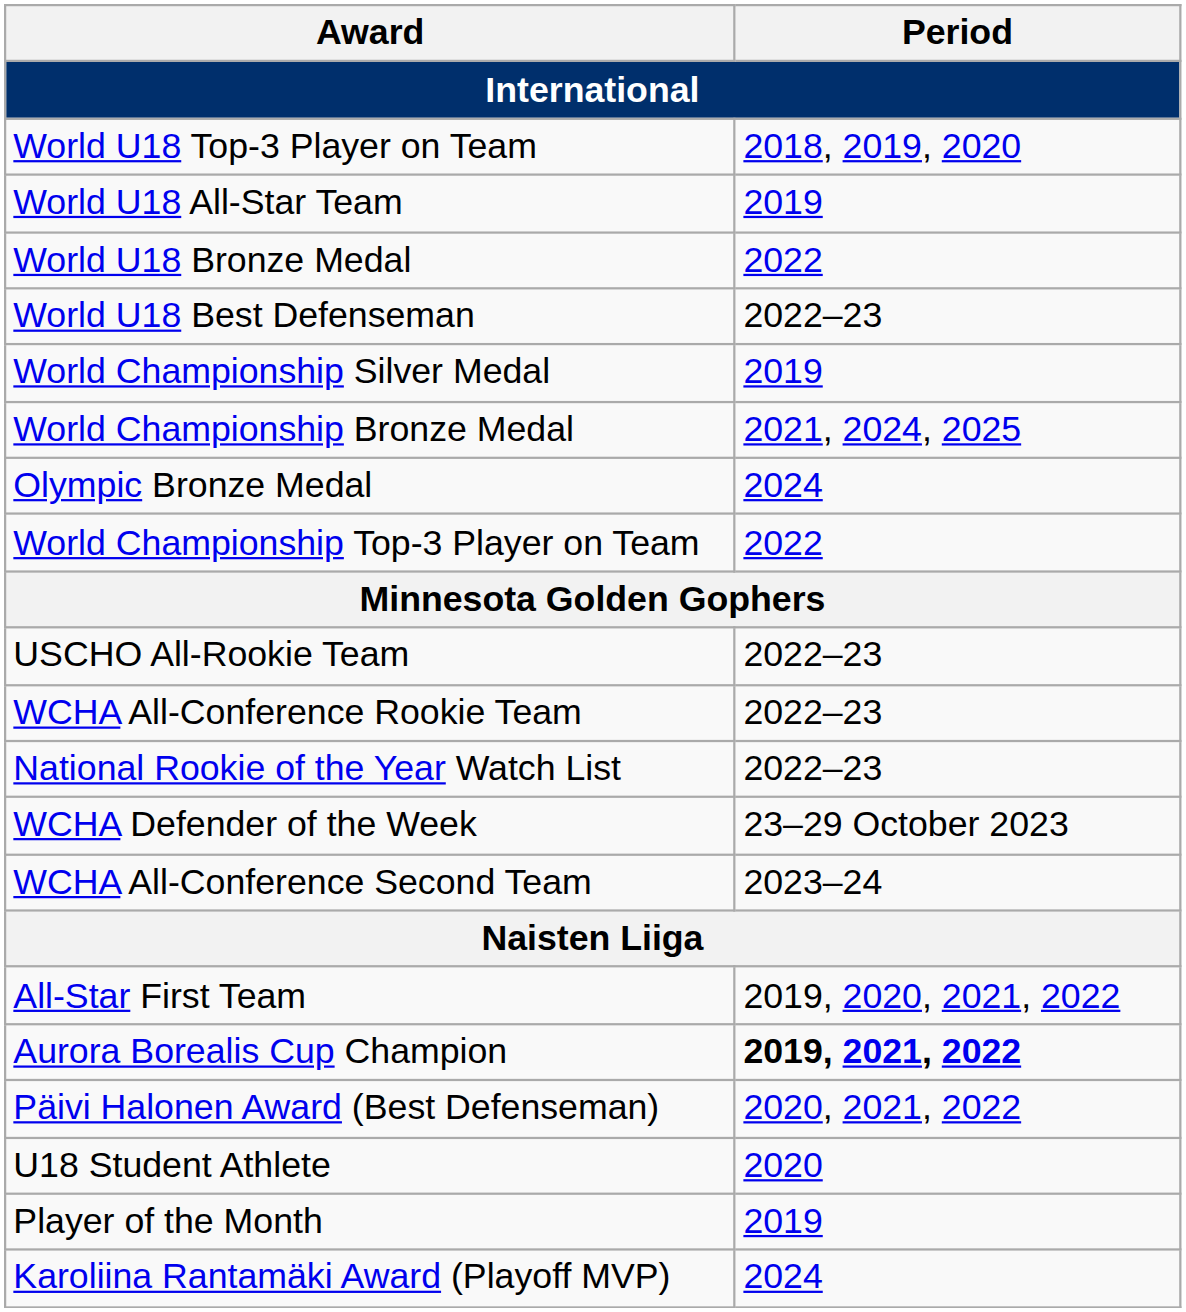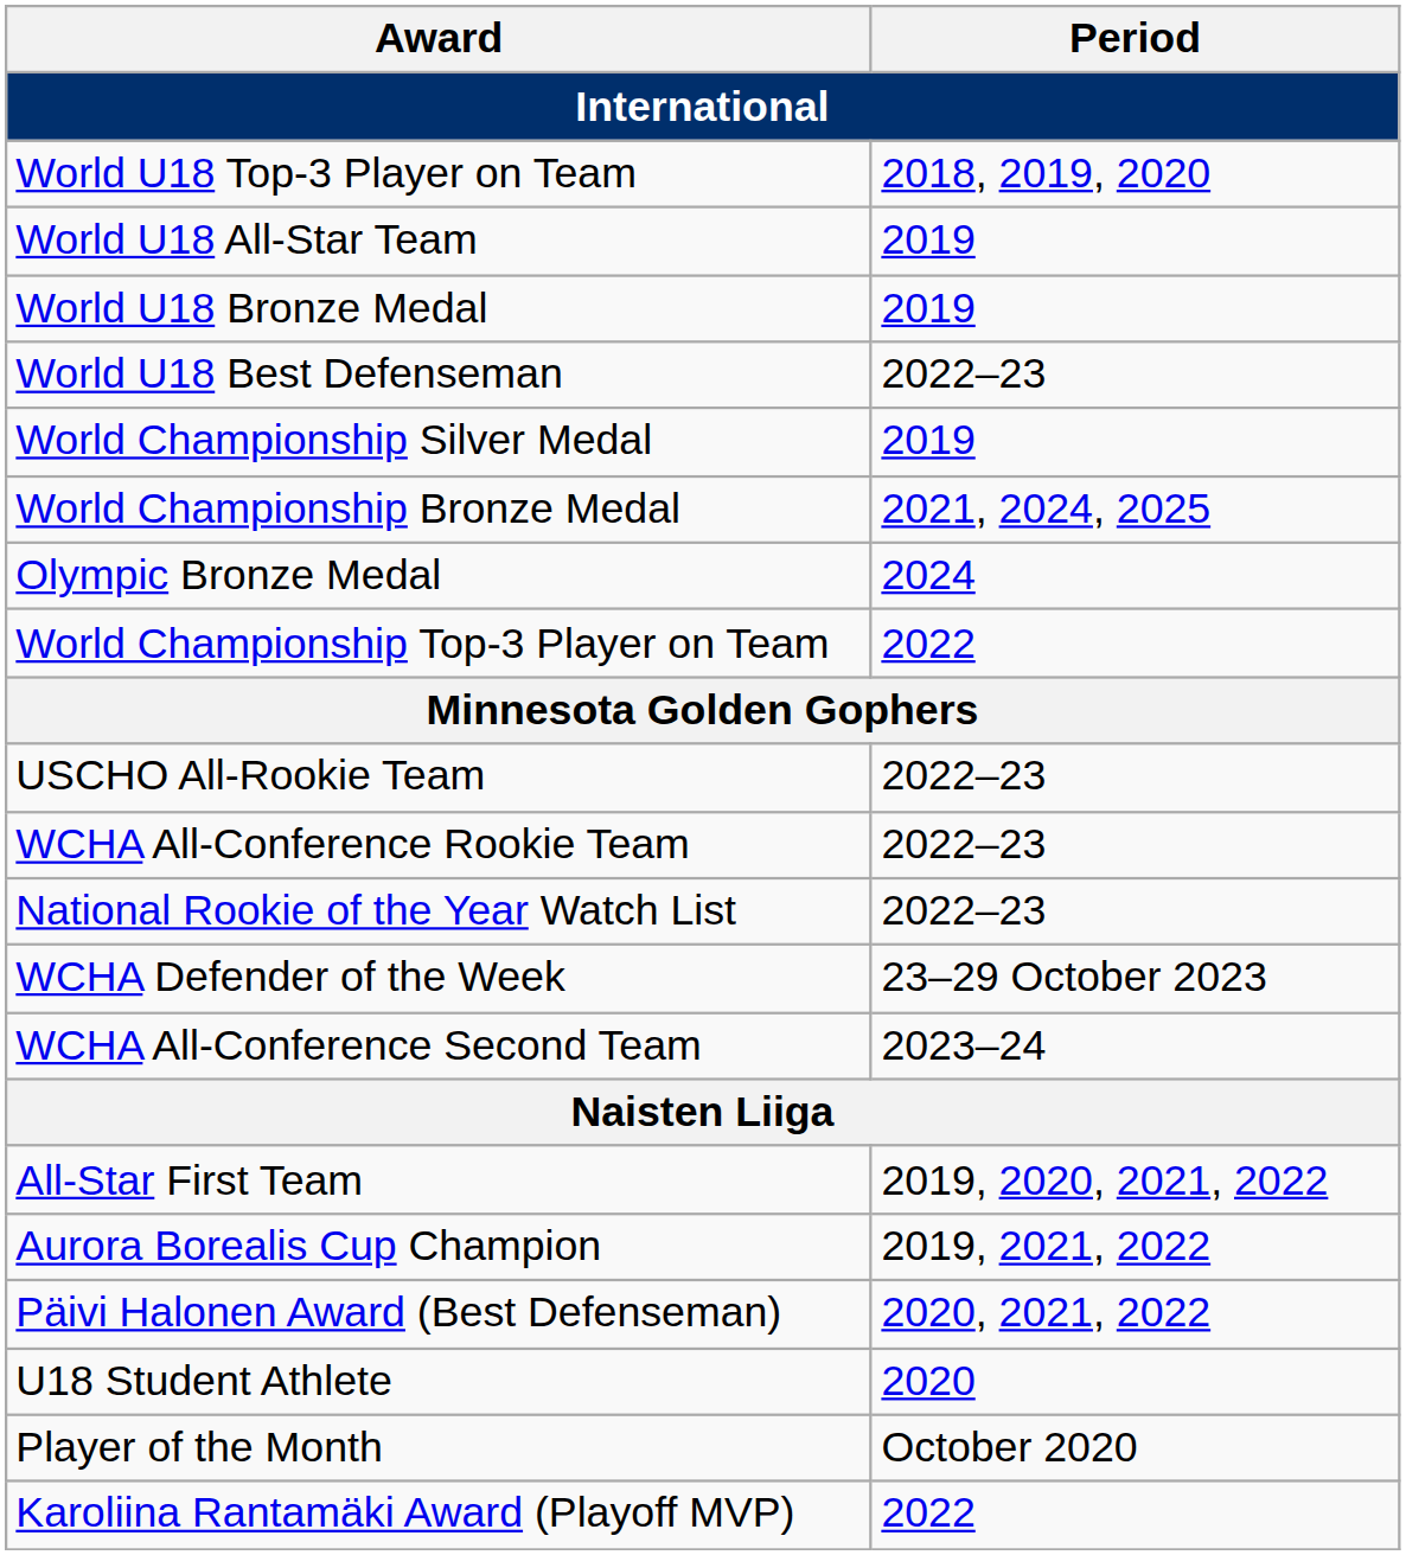 <table class="wikitable">
 <tr>
 <th scope="col" style="width:20em">Award</th>
 <th scope="col" style="width:12em">Period</th>
 </tr>
 <tr>
 <th colspan="2" style="text-align:center; color:white; background:#002f6c">International</th>
 </tr>
 <tr>
 <td><a href='#'>World U18</a> Top-3 Player on Team</td>
 <td><a href='#'>2018</a>, <a href='#'>2019</a>, <a href='#'>2020</a></td>
 </tr>
 <tr>
 <td><a href='#'>World U18</a> All-Star Team</td>
 <td><a href='#'>2019</a></td>
 </tr>
 <tr>
 <td><a href='#'>World U18</a> Bronze Medal</td>
-<td><a href='#'>2022</a></td>
+<td><a href='#'>2019</a></td>
 </tr>
 <tr>
 <td><a href='#'>World U18</a> Best Defenseman</td>
 <td>2022–23</td>
 </tr>
 <tr>
 <td><a href='#'>World Championship</a> Silver Medal</td>
 <td><a href='#'>2019</a></td>
 </tr>
 <tr>
 <td><a href='#'>World Championship</a> Bronze Medal</td>
 <td><a href='#'>2021</a>, <a href='#'>2024</a>, <a href='#'>2025</a></td>
 </tr>
 <tr>
 <td><a href='#'>Olympic</a> Bronze Medal</td>
 <td><a href='#'>2024</a></td>
 </tr>
 <tr>
 <td><a href='#'>World Championship</a> Top-3 Player on Team</td>
 <td><a href='#'>2022</a></td>
 </tr>
 <tr>
 <th colspan="2">Minnesota Golden Gophers</th>
 </tr>
 <tr>
 <td>USCHO All-Rookie Team</td>
 <td>2022–23</td>
 </tr>
 <tr>
 <td><a href='#'>WCHA</a> All-Conference Rookie Team</td>
 <td>2022–23</td>
 </tr>
 <tr>
 <td><a href='#'>National Rookie of the Year</a> Watch List</td>
 <td>2022–23</td>
 </tr>
 <tr>
 <td><a href='#'>WCHA</a> Defender of the Week</td>
 <td>23–29 October 2023</td>
 </tr>
 <tr>
 <td><a href='#'>WCHA</a> All-Conference Second Team</td>
 <td>2023–24</td>
 </tr>
 <tr>
 <th colspan="2">Naisten Liiga</th>
 </tr>
 <tr>
 <td><a href='#'>All-Star</a> First Team</td>
 <td>2019, <a href='#'>2020</a>, <a href='#'>2021</a>, <a href='#'>2022</a></td>
 </tr>
 <tr>
 <td><a href='#'>Aurora Borealis Cup</a> Champion</td>
-<td><strong>2019, <a href='#'>2021</a>, <a href='#'>2022</a></strong></td>
+<td>2019, <a href='#'>2021</a>, <a href='#'>2022</a></td>
 </tr>
 <tr>
 <td><a href='#'>Päivi Halonen Award</a> (Best Defenseman)</td>
 <td><a href='#'>2020</a>, <a href='#'>2021</a>, <a href='#'>2022</a></td>
 </tr>
 <tr>
 <td>U18 Student Athlete</td>
 <td><a href='#'>2020</a></td>
 </tr>
 <tr>
 <td>Player of the Month</td>
-<td><a href='#'>2019</a></td>
+<td>October 2020</td>
 </tr>
 <tr>
 <td><a href='#'>Karoliina Rantamäki Award</a> (Playoff MVP)</td>
-<td><a href='#'>2024</a></td>
+<td><a href='#'>2022</a></td>
 </tr>
 </table>
